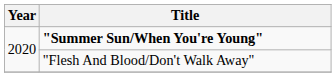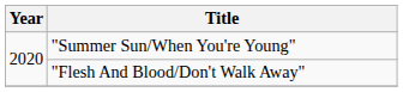 <table class="wikitable">
 <tr>
 <th rowspan="1">Year</th>
 <th rowspan="1" style="width:20em;">Title</th>
 </tr>
 <tr>
 <td rowspan="2">2020</td>
-<td><strong>"Summer Sun/When You're Young"</strong></td>
+<td>"Summer Sun/When You're Young"</td>
 </tr>
 <tr>
 <td>"Flesh And Blood/Don't Walk Away"</td>
 </tr>
 <tr>
 </tr>
 </table>
